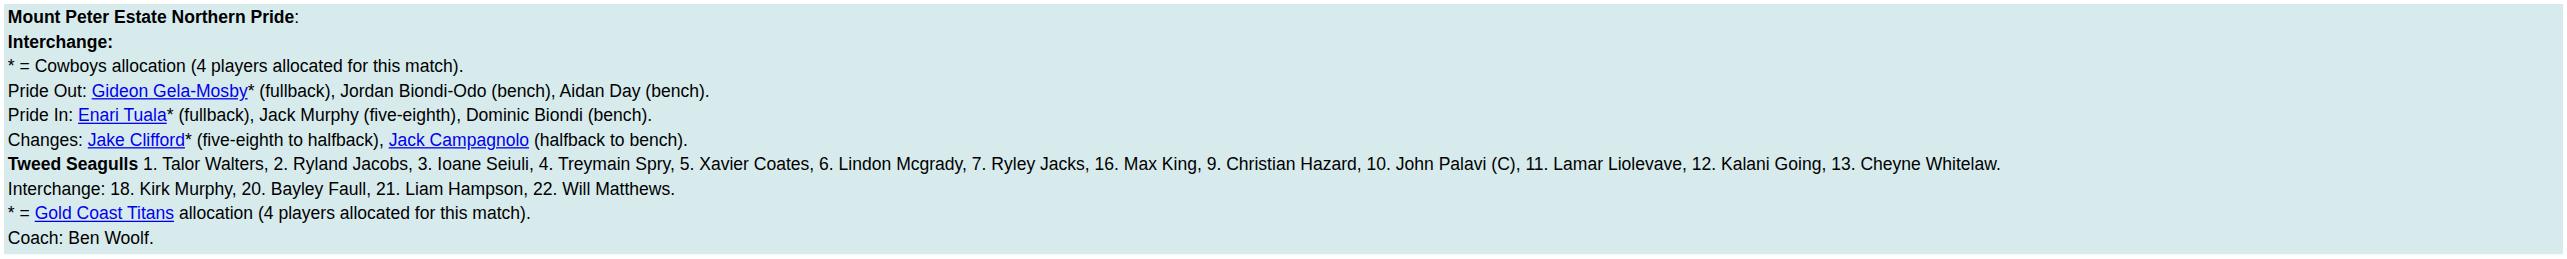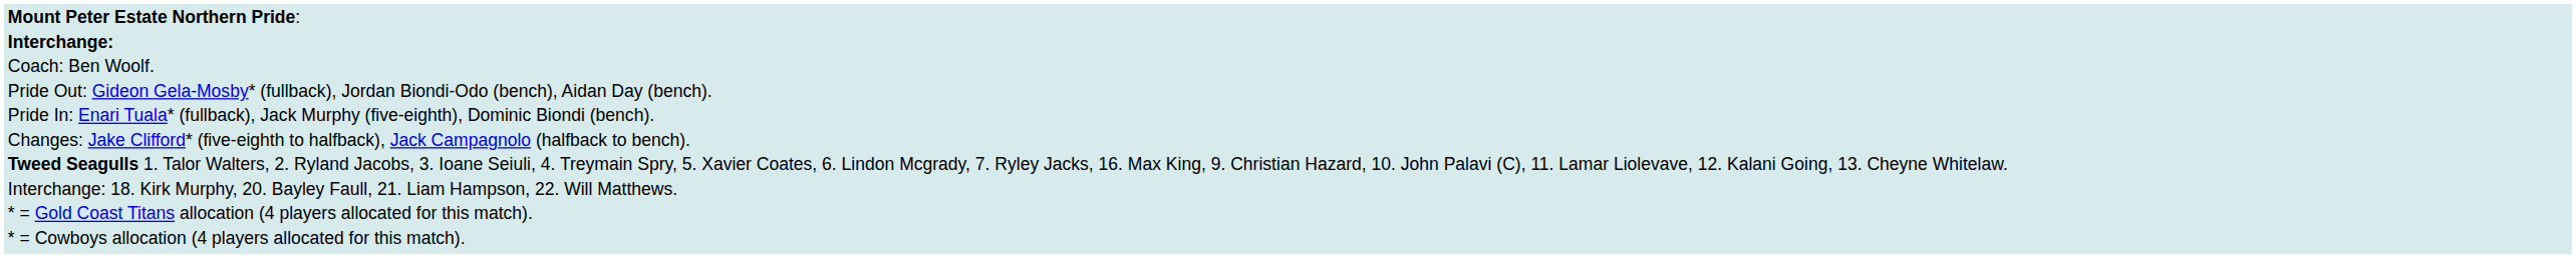 <table style="background:#d7ebed; font-size:85%; width:100%;">
 <tr>
 <td><strong>Mount Peter Estate Northern Pride</strong>:             </td>
 </tr>
 <tr>
 <td><strong>Interchange:    </strong></td>
 </tr>
 <tr>
-<td>* = Cowboys allocation (4 players allocated for this match).</td>
+<td>Coach: Ben Woolf.</td>
 </tr>
 <tr>
 <td>Pride Out: <a href='#'>Gideon Gela-Mosby</a>* (fullback), Jordan Biondi-Odo (bench), Aidan Day (bench).</td>
 </tr>
 <tr>
 <td>Pride In: <a href='#'>Enari Tuala</a>* (fullback), Jack Murphy (five-eighth), Dominic Biondi (bench).</td>
 </tr>
 <tr>
 <td>Changes: <a href='#'>Jake Clifford</a>* (five-eighth to halfback), <a href='#'>Jack Campagnolo</a> (halfback to bench).</td>
 </tr>
 <tr>
 <td><strong>Tweed Seagulls</strong> 1. Talor Walters, 2. Ryland Jacobs, 3. Ioane Seiuli, 4. Treymain Spry, 5. Xavier Coates, 6. Lindon Mcgrady, 7. Ryley Jacks, 16. Max King, 9. Christian Hazard, 10. John Palavi (C),  11. Lamar Liolevave, 12. Kalani Going, 13. Cheyne Whitelaw.</td>
 </tr>
 <tr>
 <td>Interchange:  18. Kirk Murphy, 20. Bayley Faull, 21. Liam Hampson, 22. Will Matthews.</td>
 </tr>
 <tr>
 <td>* = <a href='#'>Gold Coast Titans</a> allocation (4 players allocated for this match).</td>
 </tr>
 <tr>
-<td>Coach: Ben Woolf.</td>
+<td>* = Cowboys allocation (4 players allocated for this match).</td>
 </tr>
 <tr>
 </tr>
 </table>
